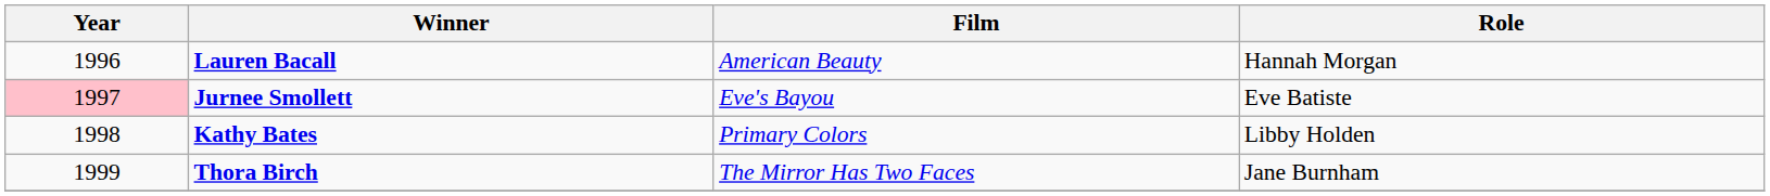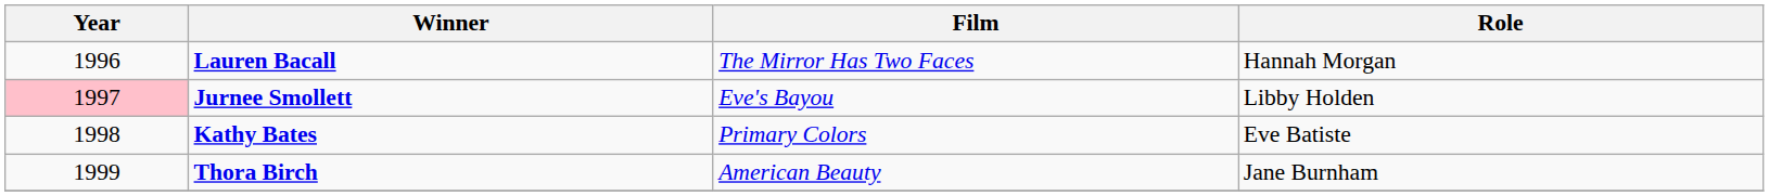 <table class="wikitable" width="95%" cellpadding="5">
 <tr>
 <th width="100"><strong>Year</strong></th>
 <th width="300"><strong>Winner</strong></th>
 <th width="300"><strong>Film</strong></th>
 <th width="300"><strong>Role</strong></th>
 </tr>
 <tr>
 <td style="text-align:center;">1996</td>
 <td><strong><a href='#'>Lauren Bacall</a></strong></td>
-<td><em><a href='#'>American Beauty</a></em></td>
+<td><em><a href='#'>The Mirror Has Two Faces</a></em></td>
 <td>Hannah Morgan</td>
 </tr>
 <tr>
 <td style="background: pink; text-align:center;">1997</td>
 <td><strong><a href='#'>Jurnee Smollett</a></strong></td>
 <td><em><a href='#'>Eve's Bayou</a></em></td>
-<td>Eve Batiste</td>
+<td>Libby Holden</td>
 </tr>
 <tr>
 <td style="text-align:center;">1998</td>
 <td><strong><a href='#'>Kathy Bates</a></strong></td>
 <td><em><a href='#'>Primary Colors</a></em></td>
-<td>Libby Holden</td>
+<td>Eve Batiste</td>
 </tr>
 <tr>
 <td style="text-align:center;">1999</td>
 <td><strong><a href='#'>Thora Birch</a></strong></td>
-<td><em><a href='#'>The Mirror Has Two Faces</a></em></td>
+<td><em><a href='#'>American Beauty</a></em></td>
 <td>Jane Burnham</td>
 </tr>
 <tr>
 </tr>
 </table>
